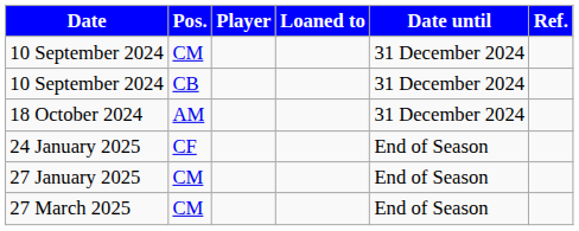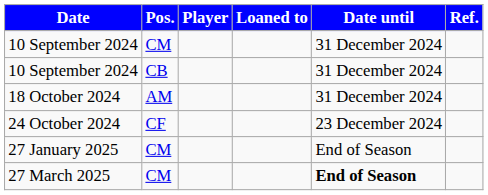 <table class="wikitable plainrowheaders sortable">
 <tr>
 <th style="background:#0000FF;color:white;">Date</th>
 <th style="background:#0000FF;color:white;">Pos.</th>
 <th style="background:#0000FF;color:white;">Player</th>
 <th style="background:#0000FF;color:white;">Loaned to</th>
 <th style="background:#0000FF;color:white;">Date until</th>
 <th style="background:#0000FF;color:white;">Ref.</th>
 </tr>
 <tr>
 <td>10 September 2024</td>
 <td><a href='#'>CM</a></td>
 <td></td>
 <td></td>
 <td>31 December 2024</td>
 <td></td>
 </tr>
 <tr>
 <td>10 September 2024</td>
 <td><a href='#'>CB</a></td>
 <td></td>
 <td></td>
 <td>31 December 2024</td>
 <td></td>
 </tr>
 <tr>
 <td>18 October 2024</td>
 <td><a href='#'>AM</a></td>
 <td></td>
 <td></td>
 <td>31 December 2024</td>
 <td></td>
 </tr>
 <tr>
-<td>24 January 2025</td>
+<td>24 October 2024</td>
 <td><a href='#'>CF</a></td>
 <td></td>
 <td></td>
-<td>End of Season</td>
+<td>23 December 2024</td>
 <td></td>
 </tr>
 <tr>
 <td>27 January 2025</td>
 <td><a href='#'>CM</a></td>
 <td></td>
 <td></td>
 <td>End of Season</td>
 <td></td>
 </tr>
 <tr>
 <td>27 March 2025</td>
 <td><a href='#'>CM</a></td>
 <td></td>
 <td></td>
-<td>End of Season</td>
+<td><strong>End of Season</strong></td>
 <td></td>
 </tr>
 </table>
